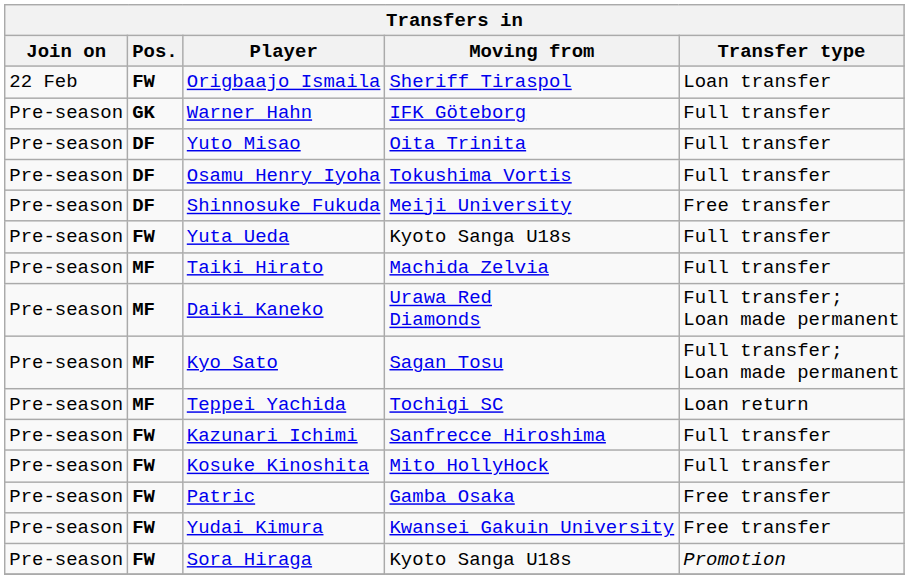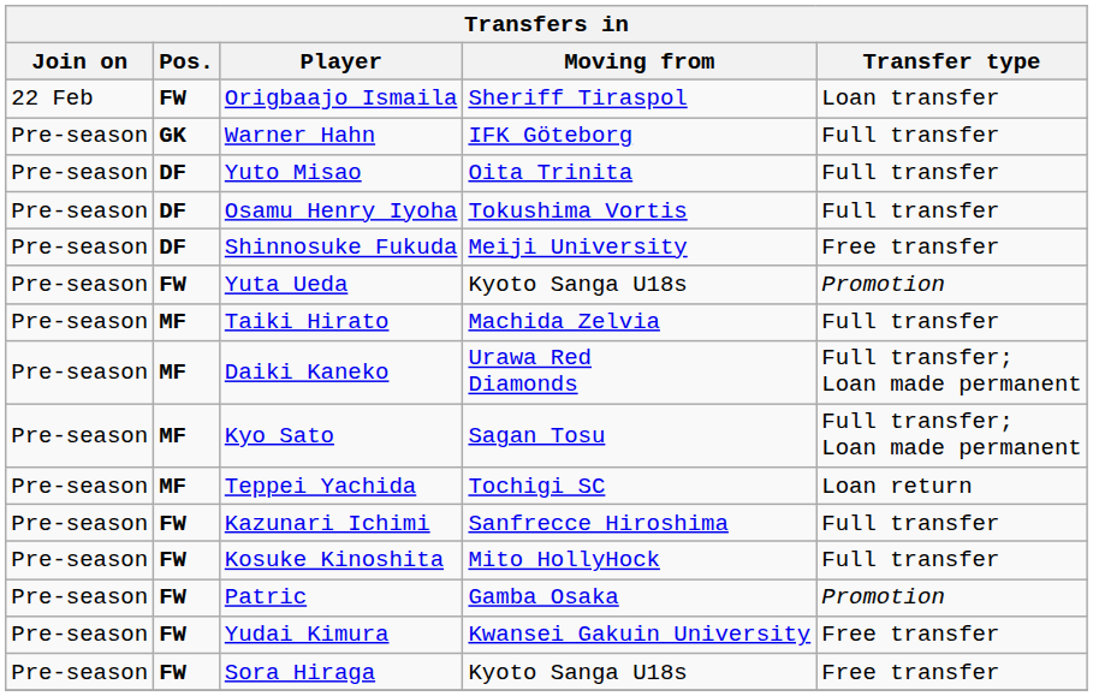 <table class="wikitable sortable" style=“text-align:left;>
 <tr>
 <th colspan="5">Transfers in</th>
 </tr>
 <tr>
 <th>Join on</th>
 <th>Pos.</th>
 <th>Player</th>
 <th>Moving from</th>
 <th>Transfer type</th>
 </tr>
 <tr>
 <td>22 Feb</td>
 <td><strong>FW</strong></td>
 <td> <a href='#'>Origbaajo Ismaila</a></td>
 <td> <a href='#'>Sheriff Tiraspol</a></td>
 <td>Loan transfer</td>
 </tr>
 <tr>
 <td>Pre-season</td>
 <td><strong>GK</strong></td>
 <td> <a href='#'>Warner Hahn</a></td>
 <td> <a href='#'>IFK Göteborg</a></td>
 <td>Full transfer</td>
 </tr>
 <tr>
 <td>Pre-season</td>
 <td><strong>DF</strong></td>
 <td> <a href='#'>Yuto Misao</a></td>
 <td> <a href='#'>Oita Trinita</a></td>
 <td>Full transfer</td>
 </tr>
 <tr>
 <td>Pre-season</td>
 <td><strong>DF</strong></td>
 <td> <a href='#'>Osamu Henry Iyoha</a></td>
 <td> <a href='#'>Tokushima Vortis</a></td>
 <td>Full transfer</td>
 </tr>
 <tr>
 <td>Pre-season</td>
 <td><strong>DF</strong></td>
 <td> <a href='#'>Shinnosuke Fukuda</a></td>
 <td> <a href='#'>Meiji University</a></td>
 <td>Free transfer</td>
 </tr>
 <tr>
 <td>Pre-season</td>
 <td><strong>FW</strong></td>
 <td> <a href='#'>Yuta Ueda</a></td>
 <td>Kyoto Sanga U18s</td>
-<td>Full transfer</td>
+<td><em>Promotion</em></td>
 </tr>
 <tr>
 <td>Pre-season</td>
 <td><strong>MF</strong></td>
 <td> <a href='#'>Taiki Hirato</a></td>
 <td> <a href='#'>Machida Zelvia</a></td>
 <td>Full transfer</td>
 </tr>
 <tr>
 <td>Pre-season</td>
 <td><strong>MF</strong></td>
 <td> <a href='#'>Daiki Kaneko</a></td>
 <td> <a href='#'>Urawa Red<br>Diamonds</a></td>
 <td>Full transfer;<br> Loan made permanent</td>
 </tr>
 <tr>
 <td>Pre-season</td>
 <td><strong>MF</strong></td>
 <td> <a href='#'>Kyo Sato</a></td>
 <td> <a href='#'>Sagan Tosu</a></td>
 <td>Full transfer;<br> Loan made permanent</td>
 </tr>
 <tr>
 <td>Pre-season</td>
 <td><strong>MF</strong></td>
 <td> <a href='#'>Teppei Yachida</a></td>
 <td> <a href='#'>Tochigi SC</a></td>
 <td>Loan return</td>
 </tr>
 <tr>
 <td>Pre-season</td>
 <td><strong>FW</strong></td>
 <td> <a href='#'>Kazunari Ichimi</a></td>
 <td> <a href='#'>Sanfrecce Hiroshima</a></td>
 <td>Full transfer</td>
 </tr>
 <tr>
 <td>Pre-season</td>
 <td><strong>FW</strong></td>
 <td> <a href='#'>Kosuke Kinoshita</a></td>
 <td> <a href='#'>Mito HollyHock</a></td>
 <td>Full transfer</td>
 </tr>
 <tr>
 <td>Pre-season</td>
 <td><strong>FW</strong></td>
 <td> <a href='#'>Patric</a></td>
 <td><a href='#'>Gamba Osaka</a></td>
-<td>Free transfer</td>
+<td><em>Promotion</em></td>
 </tr>
 <tr>
 <td>Pre-season</td>
 <td><strong>FW</strong></td>
 <td> <a href='#'>Yudai Kimura</a></td>
 <td> <a href='#'>Kwansei Gakuin University</a></td>
 <td>Free transfer</td>
 </tr>
 <tr>
 <td>Pre-season</td>
 <td><strong>FW</strong></td>
 <td> <a href='#'>Sora Hiraga</a></td>
 <td>Kyoto Sanga U18s</td>
-<td><em>Promotion</em></td>
+<td>Free transfer</td>
 </tr>
 <tr>
 </tr>
 </table>
